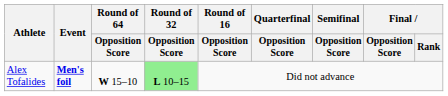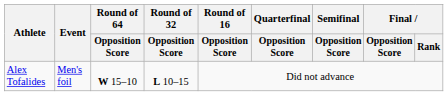 <table class="wikitable" style="font-size:90%">
 <tr>
 <th rowspan="2">Athlete</th>
 <th rowspan="2">Event</th>
 <th>Round of 64</th>
 <th>Round of 32</th>
 <th>Round of 16</th>
 <th>Quarterfinal</th>
 <th>Semifinal</th>
 <th colspan=2>Final / </th>
 </tr>
 <tr style="font-size:95%">
 <th>Opposition <br> Score</th>
 <th>Opposition <br> Score</th>
 <th>Opposition <br> Score</th>
 <th>Opposition <br> Score</th>
 <th>Opposition <br> Score</th>
 <th>Opposition <br> Score</th>
 <th>Rank</th>
 </tr>
 <tr align=center>
 <td align=left><a href='#'>Alex Tofalides</a></td>
-<td align=left><strong><a href='#'>Men's foil</a></strong></td>
+<td align=left><a href='#'>Men's foil</a></td>
 <td><br><strong>W</strong> 15–10</td>
-<td style="background: lightgreen;"><br><strong>L</strong> 10–15</td>
+<td><br><strong>L</strong> 10–15</td>
 <td colspan="5">Did not advance</td>
 </tr>
 </table>
